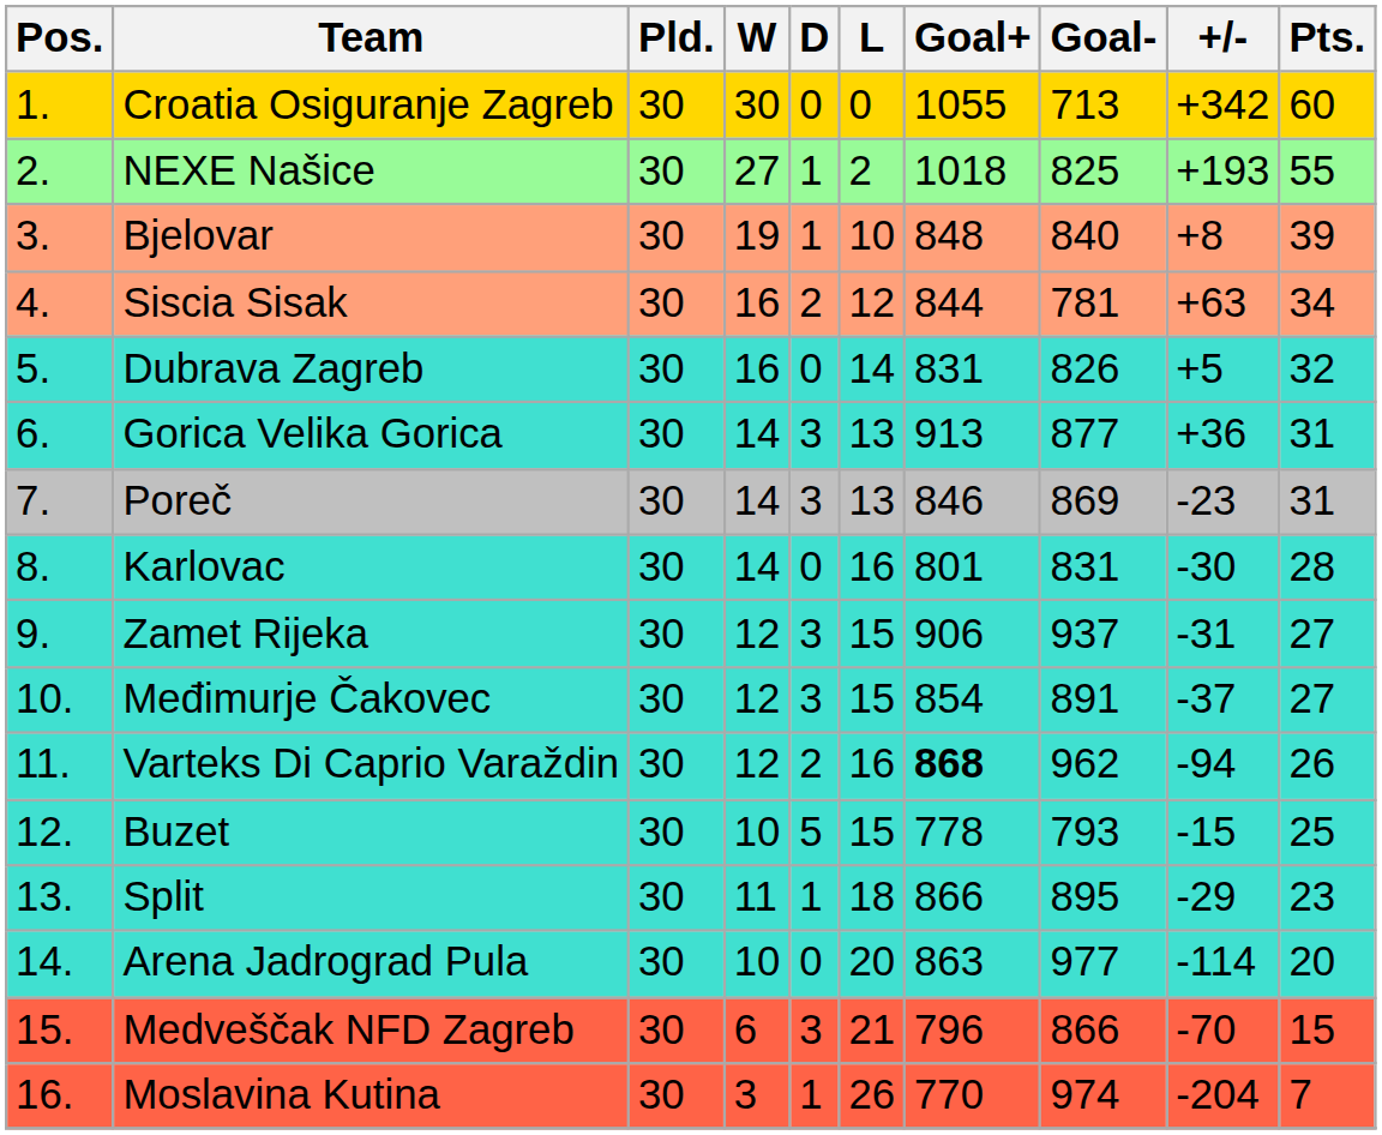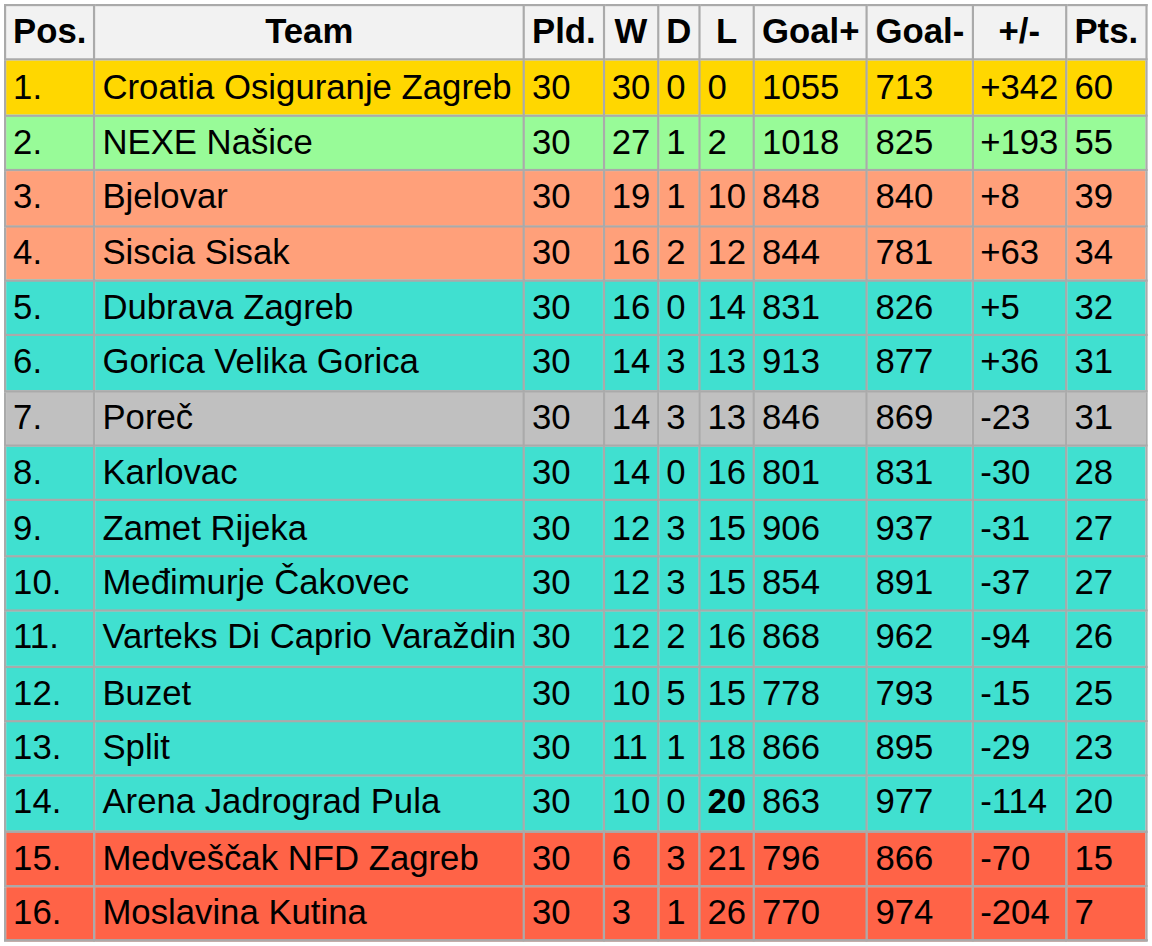 <table class="wikitable">
 <tr>
 <th>Pos.</th>
 <th>Team</th>
 <th>Pld.</th>
 <th>W</th>
 <th>D</th>
 <th>L</th>
 <th>Goal+</th>
 <th>Goal-</th>
 <th>+/-</th>
 <th>Pts.</th>
 </tr>
 <tr bgcolor="gold">
 <td>1.</td>
 <td>Croatia Osiguranje Zagreb</td>
 <td>30</td>
 <td>30</td>
 <td>0</td>
 <td>0</td>
 <td>1055</td>
 <td>713</td>
 <td>+342</td>
 <td>60</td>
 </tr>
 <tr style="background:palegreen;">
 <td>2.</td>
 <td>NEXE Našice</td>
 <td>30</td>
 <td>27</td>
 <td>1</td>
 <td>2</td>
 <td>1018</td>
 <td>825</td>
 <td>+193</td>
 <td>55</td>
 </tr>
 <tr style="background:lightsalmon;">
 <td>3.</td>
 <td>Bjelovar</td>
 <td>30</td>
 <td>19</td>
 <td>1</td>
 <td>10</td>
 <td>848</td>
 <td>840</td>
 <td>+8</td>
 <td>39</td>
 </tr>
 <tr style="background:lightsalmon;">
 <td>4.</td>
 <td>Siscia Sisak</td>
 <td>30</td>
 <td>16</td>
 <td>2</td>
 <td>12</td>
 <td>844</td>
 <td>781</td>
 <td>+63</td>
 <td>34</td>
 </tr>
 <tr style="background:turquoise;">
 <td>5.</td>
 <td>Dubrava Zagreb</td>
 <td>30</td>
 <td>16</td>
 <td>0</td>
 <td>14</td>
 <td>831</td>
 <td>826</td>
 <td>+5</td>
 <td>32</td>
 </tr>
 <tr style="background:turquoise;">
 <td>6.</td>
 <td>Gorica Velika Gorica</td>
 <td>30</td>
 <td>14</td>
 <td>3</td>
 <td>13</td>
 <td>913</td>
 <td>877</td>
 <td>+36</td>
 <td>31</td>
 </tr>
 <tr style="background:silver;">
 <td>7.</td>
 <td>Poreč</td>
 <td>30</td>
 <td>14</td>
 <td>3</td>
 <td>13</td>
 <td>846</td>
 <td>869</td>
 <td>-23</td>
 <td>31</td>
 </tr>
 <tr style="background:turquoise;">
 <td>8.</td>
 <td>Karlovac</td>
 <td>30</td>
 <td>14</td>
 <td>0</td>
 <td>16</td>
 <td>801</td>
 <td>831</td>
 <td>-30</td>
 <td>28</td>
 </tr>
 <tr style="background:turquoise;">
 <td>9.</td>
 <td>Zamet Rijeka</td>
 <td>30</td>
 <td>12</td>
 <td>3</td>
 <td>15</td>
 <td>906</td>
 <td>937</td>
 <td>-31</td>
 <td>27</td>
 </tr>
 <tr style="background:turquoise;">
 <td>10.</td>
 <td>Međimurje Čakovec</td>
 <td>30</td>
 <td>12</td>
 <td>3</td>
 <td>15</td>
 <td>854</td>
 <td>891</td>
 <td>-37</td>
 <td>27</td>
 </tr>
 <tr style="background:turquoise;">
 <td>11.</td>
 <td>Varteks Di Caprio Varaždin</td>
 <td>30</td>
 <td>12</td>
 <td>2</td>
 <td>16</td>
-<td><strong>868</strong></td>
+<td>868</td>
 <td>962</td>
 <td>-94</td>
 <td>26</td>
 </tr>
 <tr style="background:turquoise;">
 <td>12.</td>
 <td>Buzet</td>
 <td>30</td>
 <td>10</td>
 <td>5</td>
 <td>15</td>
 <td>778</td>
 <td>793</td>
 <td>-15</td>
 <td>25</td>
 </tr>
 <tr style="background:turquoise;">
 <td>13.</td>
 <td>Split</td>
 <td>30</td>
 <td>11</td>
 <td>1</td>
 <td>18</td>
 <td>866</td>
 <td>895</td>
 <td>-29</td>
 <td>23</td>
 </tr>
 <tr style="background:turquoise;">
 <td>14.</td>
 <td>Arena Jadrograd Pula</td>
 <td>30</td>
 <td>10</td>
 <td>0</td>
-<td>20</td>
+<td><strong>20</strong></td>
 <td>863</td>
 <td>977</td>
 <td>-114</td>
 <td>20</td>
 </tr>
 <tr style="background:tomato">
 <td>15.</td>
 <td>Medveščak NFD Zagreb</td>
 <td>30</td>
 <td>6</td>
 <td>3</td>
 <td>21</td>
 <td>796</td>
 <td>866</td>
 <td>-70</td>
 <td>15</td>
 </tr>
 <tr style="background:tomato">
 <td>16.</td>
 <td>Moslavina Kutina</td>
 <td>30</td>
 <td>3</td>
 <td>1</td>
 <td>26</td>
 <td>770</td>
 <td>974</td>
 <td>-204</td>
 <td>7</td>
 </tr>
 <tr style="background:tomato">
 </tr>
 </table>
